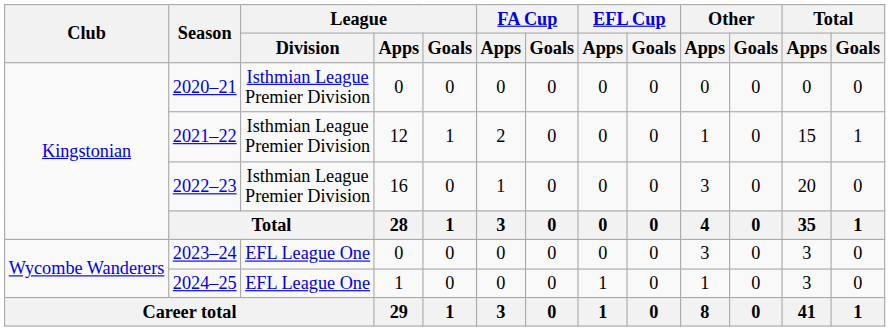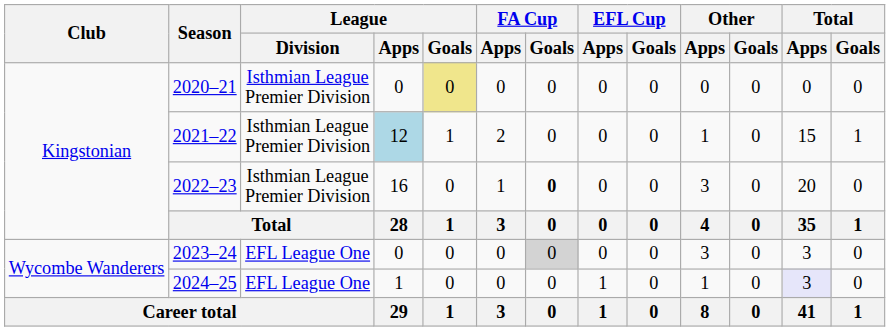 <table class="wikitable" style="text-align:center;">
 <tr>
 <th rowspan="2">Club</th>
 <th rowspan="2">Season</th>
 <th colspan="3">League</th>
 <th colspan="2"><a href='#'>FA Cup</a></th>
 <th colspan="2"><a href='#'>EFL Cup</a></th>
 <th colspan="2">Other</th>
 <th colspan="2">Total</th>
 </tr>
 <tr>
 <th>Division</th>
 <th>Apps</th>
 <th>Goals</th>
 <th>Apps</th>
 <th>Goals</th>
 <th>Apps</th>
 <th>Goals</th>
 <th>Apps</th>
 <th>Goals</th>
 <th>Apps</th>
 <th>Goals</th>
 </tr>
 <tr>
 <td rowspan="4"><a href='#'>Kingstonian</a></td>
 <td><a href='#'>2020–21</a></td>
 <td><a href='#'>Isthmian League</a><br>Premier Division</td>
 <td>0</td>
-<td>0</td>
+<td style="background: khaki;">0</td>
 <td>0</td>
 <td>0</td>
 <td>0</td>
 <td>0</td>
 <td>0</td>
 <td>0</td>
 <td>0</td>
 <td>0</td>
 </tr>
 <tr>
 <td><a href='#'>2021–22</a></td>
 <td>Isthmian League<br>Premier Division</td>
-<td>12</td>
+<td style="background: lightblue;">12</td>
 <td>1</td>
 <td>2</td>
 <td>0</td>
 <td>0</td>
 <td>0</td>
 <td>1</td>
 <td>0</td>
 <td>15</td>
 <td>1</td>
 </tr>
 <tr>
 <td><a href='#'>2022–23</a></td>
 <td>Isthmian League<br>Premier Division</td>
 <td>16</td>
 <td>0</td>
 <td>1</td>
-<td>0</td>
+<td><strong>0</strong></td>
 <td>0</td>
 <td>0</td>
 <td>3</td>
 <td>0</td>
 <td>20</td>
 <td>0</td>
 </tr>
 <tr>
 <th colspan="2">Total</th>
 <th>28</th>
 <th>1</th>
 <th>3</th>
 <th>0</th>
 <th>0</th>
 <th>0</th>
 <th>4</th>
 <th>0</th>
 <th>35</th>
 <th>1</th>
 </tr>
 <tr>
 <td rowspan=2><a href='#'>Wycombe Wanderers</a></td>
 <td><a href='#'>2023–24</a></td>
 <td><a href='#'>EFL League One</a></td>
 <td>0</td>
 <td>0</td>
 <td>0</td>
-<td>0</td>
+<td style="background: lightgrey;">0</td>
 <td>0</td>
 <td>0</td>
 <td>3</td>
 <td>0</td>
 <td>3</td>
 <td>0</td>
 </tr>
 <tr>
 <td><a href='#'>2024–25</a></td>
 <td><a href='#'>EFL League One</a></td>
 <td>1</td>
 <td>0</td>
 <td>0</td>
 <td>0</td>
 <td>1</td>
 <td>0</td>
 <td>1</td>
 <td>0</td>
-<td>3</td>
+<td style="background: lavender;">3</td>
 <td>0</td>
 </tr>
 <tr>
 <th colspan="3">Career total</th>
 <th>29</th>
 <th>1</th>
 <th>3</th>
 <th>0</th>
 <th>1</th>
 <th>0</th>
 <th>8</th>
 <th>0</th>
 <th>41</th>
 <th>1</th>
 </tr>
 </table>
